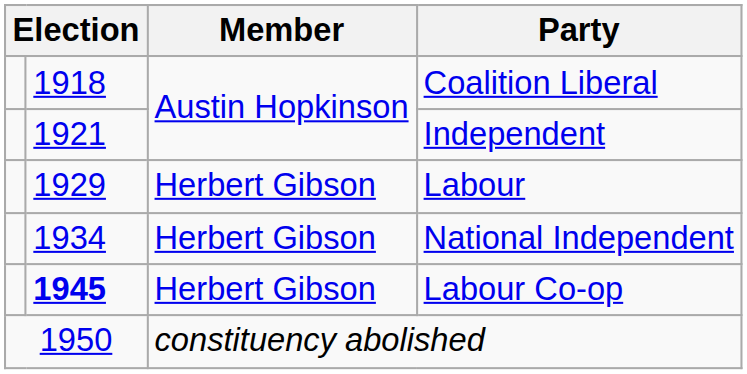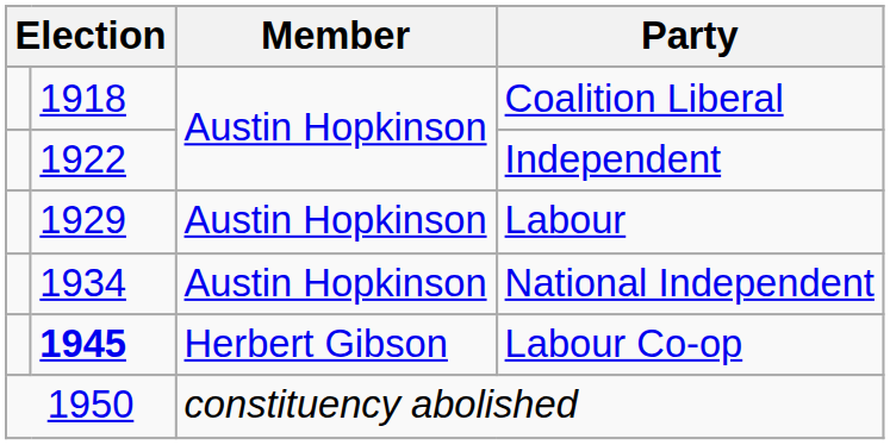 <table class="wikitable">
 <tr>
 <th colspan=2>Election</th>
 <th>Member</th>
 <th>Party</th>
 </tr>
 <tr>
 <td style="color:inherit;background-color: "></td>
 <td><a href='#'>1918</a></td>
 <td rowspan="2"><a href='#'>Austin Hopkinson</a></td>
 <td><a href='#'>Coalition Liberal</a></td>
 </tr>
 <tr>
 <td style="color:inherit;background-color: "></td>
-<td><a href='#'>1921</a></td>
+<td><a href='#'>1922</a></td>
 <td><a href='#'>Independent</a></td>
 </tr>
 <tr>
 <td style="color:inherit;background-color: "></td>
 <td><a href='#'>1929</a></td>
-<td><a href='#'>Herbert Gibson</a></td>
+<td><a href='#'>Austin Hopkinson</a></td>
 <td><a href='#'>Labour</a></td>
 </tr>
 <tr>
 <td style="color:inherit;background-color: "></td>
 <td><a href='#'>1934</a></td>
-<td><a href='#'>Herbert Gibson</a></td>
+<td><a href='#'>Austin Hopkinson</a></td>
 <td><a href='#'>National Independent</a></td>
 </tr>
 <tr>
 <td style="color:inherit;background-color: "></td>
 <td><strong><a href='#'>1945</a></strong></td>
 <td><a href='#'>Herbert Gibson</a></td>
 <td><a href='#'>Labour Co-op</a></td>
 </tr>
 <tr>
 <td colspan="2" align="center"><a href='#'>1950</a></td>
 <td colspan="2"><em>constituency abolished</em></td>
 </tr>
 </table>
